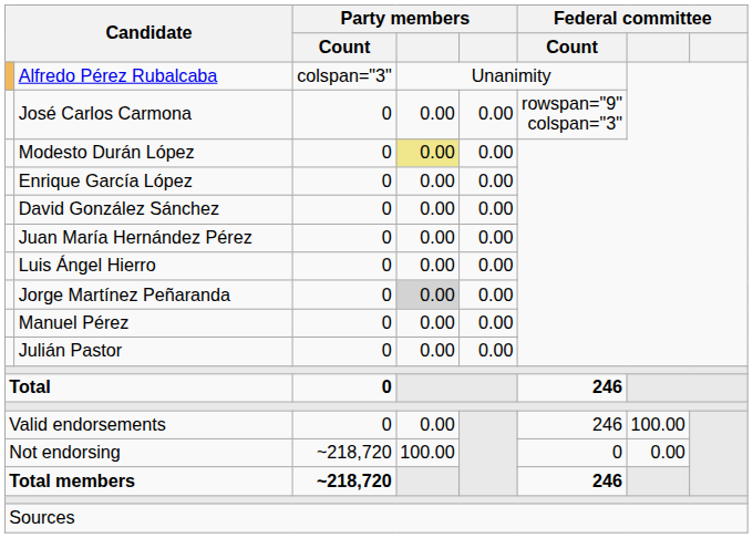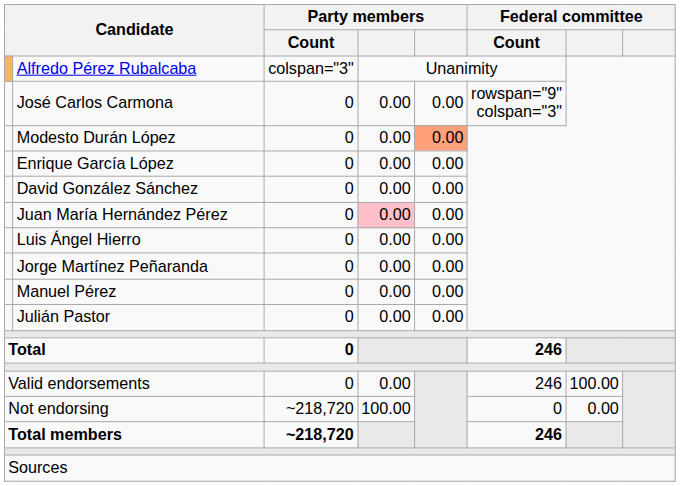 <table class="wikitable" style="text-align:right;">
 <tr>
 <th rowspan="2" colspan="2" width="250">Candidate</th>
 <th colspan="3">Party members</th>
 <th colspan="3">Federal committee</th>
 </tr>
 <tr>
 <th width="60">Count</th>
 <th width="45"></th>
 <th width="45"></th>
 <th width="50">Count</th>
 <th width="45"></th>
 <th width="45"></th>
 </tr>
 <tr>
 <td width="1px" style="color:inherit;background:#F2B95B"></td>
 <td align="left"><a href='#'>Alfredo Pérez Rubalcaba</a></td>
 <td>colspan="3" </td>
 <td colspan="3" align="center">Unanimity</td>
 </tr>
 <tr>
 <td style="color:inherit;background:"></td>
 <td align="left">José Carlos Carmona</td>
 <td>0</td>
 <td>0.00</td>
 <td>0.00</td>
 <td>rowspan="9" colspan="3" </td>
 </tr>
 <tr>
 <td style="color:inherit;background:"></td>
 <td align="left">Modesto Durán López</td>
 <td>0</td>
-<td style="background: khaki;">0.00</td>
 <td>0.00</td>
+<td style="background: lightsalmon;">0.00</td>
 </tr>
 <tr>
 <td style="color:inherit;background:"></td>
 <td align="left">Enrique García López</td>
 <td>0</td>
 <td>0.00</td>
 <td>0.00</td>
 </tr>
 <tr>
 <td style="color:inherit;background:"></td>
 <td align="left">David González Sánchez</td>
 <td>0</td>
 <td>0.00</td>
 <td>0.00</td>
 </tr>
 <tr>
 <td style="color:inherit;background:"></td>
 <td align="left">Juan María Hernández Pérez</td>
 <td>0</td>
-<td>0.00</td>
+<td style="background: pink;">0.00</td>
 <td>0.00</td>
 </tr>
 <tr>
 <td style="color:inherit;background:"></td>
 <td align="left">Luis Ángel Hierro</td>
 <td>0</td>
 <td>0.00</td>
 <td>0.00</td>
 </tr>
 <tr>
 <td style="color:inherit;background:"></td>
 <td align="left">Jorge Martínez Peñaranda</td>
 <td>0</td>
-<td style="background: lightgrey;">0.00</td>
+<td>0.00</td>
 <td>0.00</td>
 </tr>
 <tr>
 <td style="color:inherit;background:"></td>
 <td align="left">Manuel Pérez</td>
 <td>0</td>
 <td>0.00</td>
 <td>0.00</td>
 </tr>
 <tr>
 <td style="color:inherit;background:"></td>
 <td align="left">Julián Pastor</td>
 <td>0</td>
 <td>0.00</td>
 <td>0.00</td>
 </tr>
 <tr>
 <td colspan="8" bgcolor="#E9E9E9"></td>
 </tr>
 <tr style="font-weight:bold;">
 <td align="left" colspan="2">Total</td>
 <td>0</td>
 <td bgcolor="#E9E9E9" colspan="2"></td>
 <td>246</td>
 <td bgcolor="#E9E9E9" colspan="2"></td>
 </tr>
 <tr>
 <td colspan="8" bgcolor="#E9E9E9"></td>
 </tr>
 <tr>
 <td align="left" colspan="2">Valid endorsements</td>
 <td>0</td>
 <td>0.00</td>
 <td rowspan="3" bgcolor="#E9E9E9"></td>
 <td>246</td>
 <td>100.00</td>
 <td rowspan="3" bgcolor="#E9E9E9"></td>
 </tr>
 <tr>
 <td align="left" colspan="2">Not endorsing</td>
 <td>~218,720</td>
 <td>100.00</td>
 <td>0</td>
 <td>0.00</td>
 </tr>
 <tr style="font-weight:bold;">
 <td align="left" colspan="2">Total members</td>
 <td>~218,720</td>
 <td bgcolor="#E9E9E9"></td>
 <td>246</td>
 <td bgcolor="#E9E9E9"></td>
 </tr>
 <tr>
 <td colspan="8" bgcolor="#E9E9E9"></td>
 </tr>
 <tr>
 <td align="left" colspan="8">Sources</td>
 </tr>
 </table>
